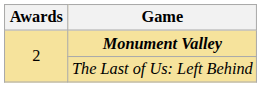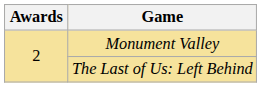 <table class="wikitable" rowspan=2 style="text-align: center; background: #f6e39c">
 <tr>
 <th width="55">Awards</th>
 <th align="center">Game</th>
 </tr>
 <tr>
 <td rowspan=2 style="text-align:center">2</td>
-<td><strong><em>Monument Valley</em></strong></td>
+<td><em>Monument Valley</em></td>
 </tr>
 <tr>
 <td><em>The Last of Us: Left Behind</em></td>
 </tr>
 </table>
